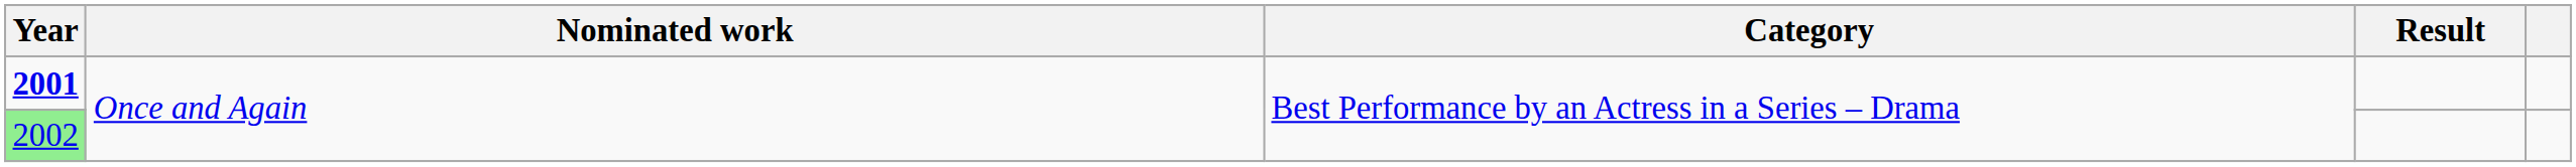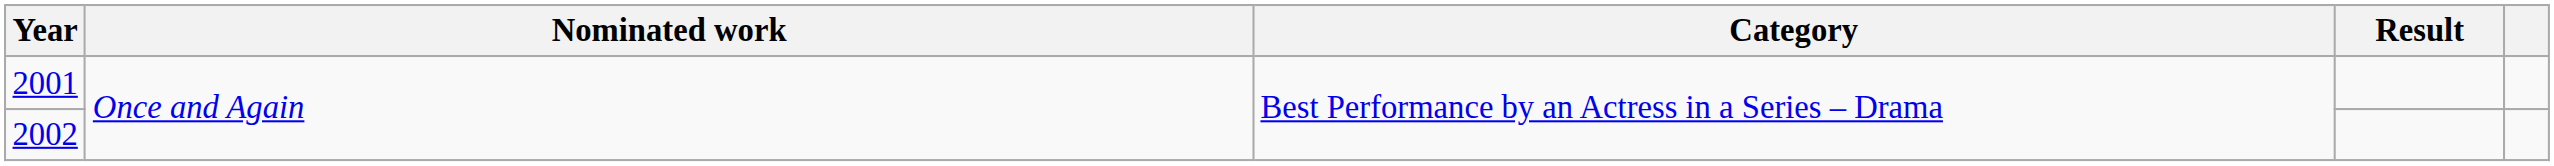 <table class="wikitable">
 <tr>
 <th scope="col" style="width:1em;">Year</th>
 <th scope="col" style="width:39em;">Nominated work</th>
 <th scope="col" style="width:36em;">Category</th>
 <th scope="col" style="width:5em;">Result</th>
 <th scope="col" style="width:1em;"></th>
 </tr>
 <tr>
-<td><strong><a href='#'>2001</a></strong></td>
+<td><a href='#'>2001</a></td>
 <td rowspan="2"><em><a href='#'>Once and Again</a></em></td>
 <td rowspan="2"><a href='#'>Best Performance by an Actress in a Series – Drama</a></td>
 <td></td>
 <td></td>
 </tr>
 <tr>
-<td style="background: lightgreen;"><a href='#'>2002</a></td>
+<td><a href='#'>2002</a></td>
 <td></td>
 <td></td>
 </tr>
 </table>
